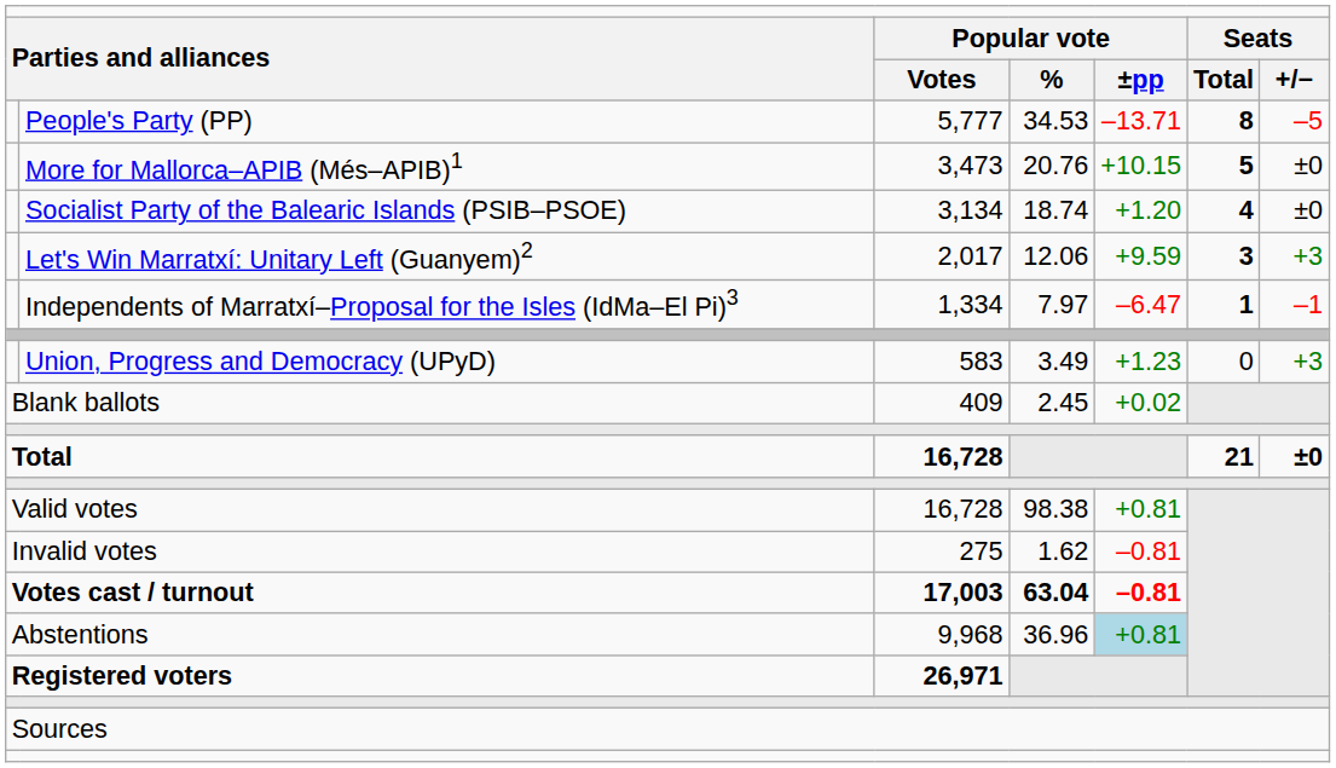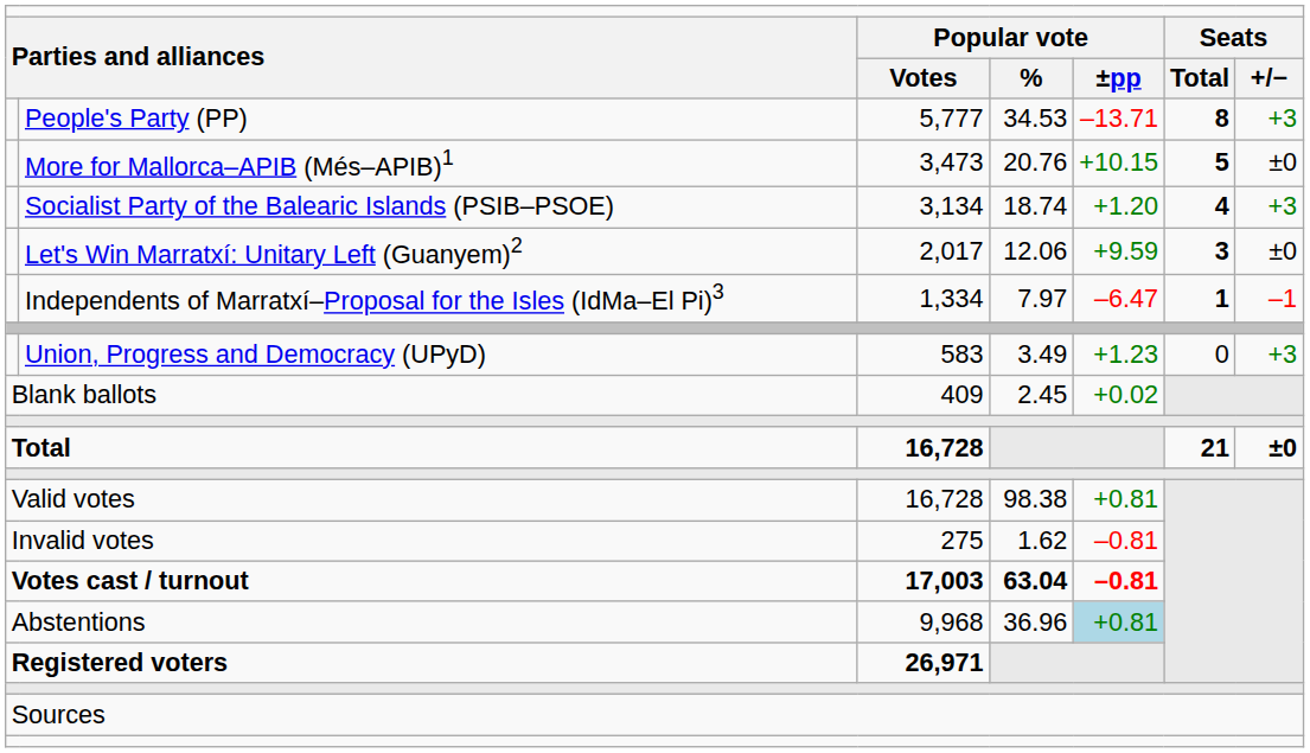 <table class="wikitable" style="text-align:right;">
 <tr>
 <td colspan="7"></td>
 </tr>
 <tr>
 <th style="text-align:left;" rowspan="2" colspan="2" width="525">Parties and alliances</th>
 <th colspan="3">Popular vote</th>
 <th colspan="2">Seats</th>
 </tr>
 <tr>
 <th width="75">Votes</th>
 <th width="45">%</th>
 <th width="45">±<a href='#'>pp</a></th>
 <th width="35">Total</th>
 <th width="35">+/−</th>
 </tr>
 <tr>
 <td width="1" style="color:inherit;background:"></td>
 <td align="left"><a href='#'>People's Party</a> (PP)</td>
 <td>5,777</td>
 <td>34.53</td>
 <td style="color:red;">–13.71</td>
 <td><strong>8</strong></td>
-<td style="color:red;">–5</td>
+<td style="color:green;">+3</td>
 </tr>
 <tr>
 <td style="color:inherit;background:"></td>
 <td align="left"><a href='#'>More for Mallorca–APIB</a> (Més–APIB)<sup>1</sup></td>
 <td>3,473</td>
 <td>20.76</td>
 <td style="color:green;">+10.15</td>
 <td><strong>5</strong></td>
 <td>±0</td>
 </tr>
 <tr>
 <td style="color:inherit;background:"></td>
 <td align="left"><a href='#'>Socialist Party of the Balearic Islands</a> (PSIB–PSOE)</td>
 <td>3,134</td>
 <td>18.74</td>
 <td style="color:green;">+1.20</td>
 <td><strong>4</strong></td>
-<td>±0</td>
+<td style="color:green;">+3</td>
 </tr>
 <tr>
 <td style="color:inherit;background:"></td>
 <td align="left"><a href='#'>Let's Win Marratxí: Unitary Left</a> (Guanyem)<sup>2</sup></td>
 <td>2,017</td>
 <td>12.06</td>
 <td style="color:green;">+9.59</td>
 <td><strong>3</strong></td>
-<td style="color:green;">+3</td>
+<td>±0</td>
 </tr>
 <tr>
 <td style="color:inherit;background:"></td>
 <td align="left">Independents of Marratxí–<a href='#'>Proposal for the Isles</a> (IdMa–El Pi)<sup>3</sup></td>
 <td>1,334</td>
 <td>7.97</td>
 <td style="color:red;">–6.47</td>
 <td><strong>1</strong></td>
 <td style="color:red;">–1</td>
 </tr>
 <tr>
 <td colspan="7" bgcolor="#C0C0C0"></td>
 </tr>
 <tr>
 <td style="color:inherit;background:"></td>
 <td align="left"><a href='#'>Union, Progress and Democracy</a> (UPyD)</td>
 <td>583</td>
 <td>3.49</td>
 <td style="color:green;">+1.23</td>
 <td>0</td>
 <td style="color:green;">+3</td>
 </tr>
 <tr>
 <td align="left" colspan="2">Blank ballots</td>
 <td>409</td>
 <td>2.45</td>
 <td style="color:green;">+0.02</td>
 <td bgcolor="#E9E9E9" colspan="2"></td>
 </tr>
 <tr>
 <td colspan="7" bgcolor="#E9E9E9"></td>
 </tr>
 <tr style="font-weight:bold;">
 <td align="left" colspan="2">Total</td>
 <td>16,728</td>
 <td bgcolor="#E9E9E9" colspan="2"></td>
 <td>21</td>
 <td>±0</td>
 </tr>
 <tr>
 <td colspan="7" bgcolor="#E9E9E9"></td>
 </tr>
 <tr>
 <td align="left" colspan="2">Valid votes</td>
 <td>16,728</td>
 <td>98.38</td>
 <td style="color:green;">+0.81</td>
 <td bgcolor="#E9E9E9" colspan="2" rowspan="5"></td>
 </tr>
 <tr>
 <td align="left" colspan="2">Invalid votes</td>
 <td>275</td>
 <td>1.62</td>
 <td style="color:red;">–0.81</td>
 </tr>
 <tr style="font-weight:bold;">
 <td align="left" colspan="2">Votes cast / turnout</td>
 <td>17,003</td>
 <td>63.04</td>
 <td style="color:red;">–0.81</td>
 </tr>
 <tr>
 <td align="left" colspan="2">Abstentions</td>
 <td>9,968</td>
 <td>36.96</td>
 <td style="background: lightblue; color:green;">+0.81</td>
 </tr>
 <tr style="font-weight:bold;">
 <td align="left" colspan="2">Registered voters</td>
 <td>26,971</td>
 <td bgcolor="#E9E9E9" colspan="2"></td>
 </tr>
 <tr>
 <td colspan="7" bgcolor="#E9E9E9"></td>
 </tr>
 <tr>
 <td align="left" colspan="7">Sources</td>
 </tr>
 <tr>
 <td colspan="7" style="text-align:left; max-width:790px;"></td>
 </tr>
 </table>
